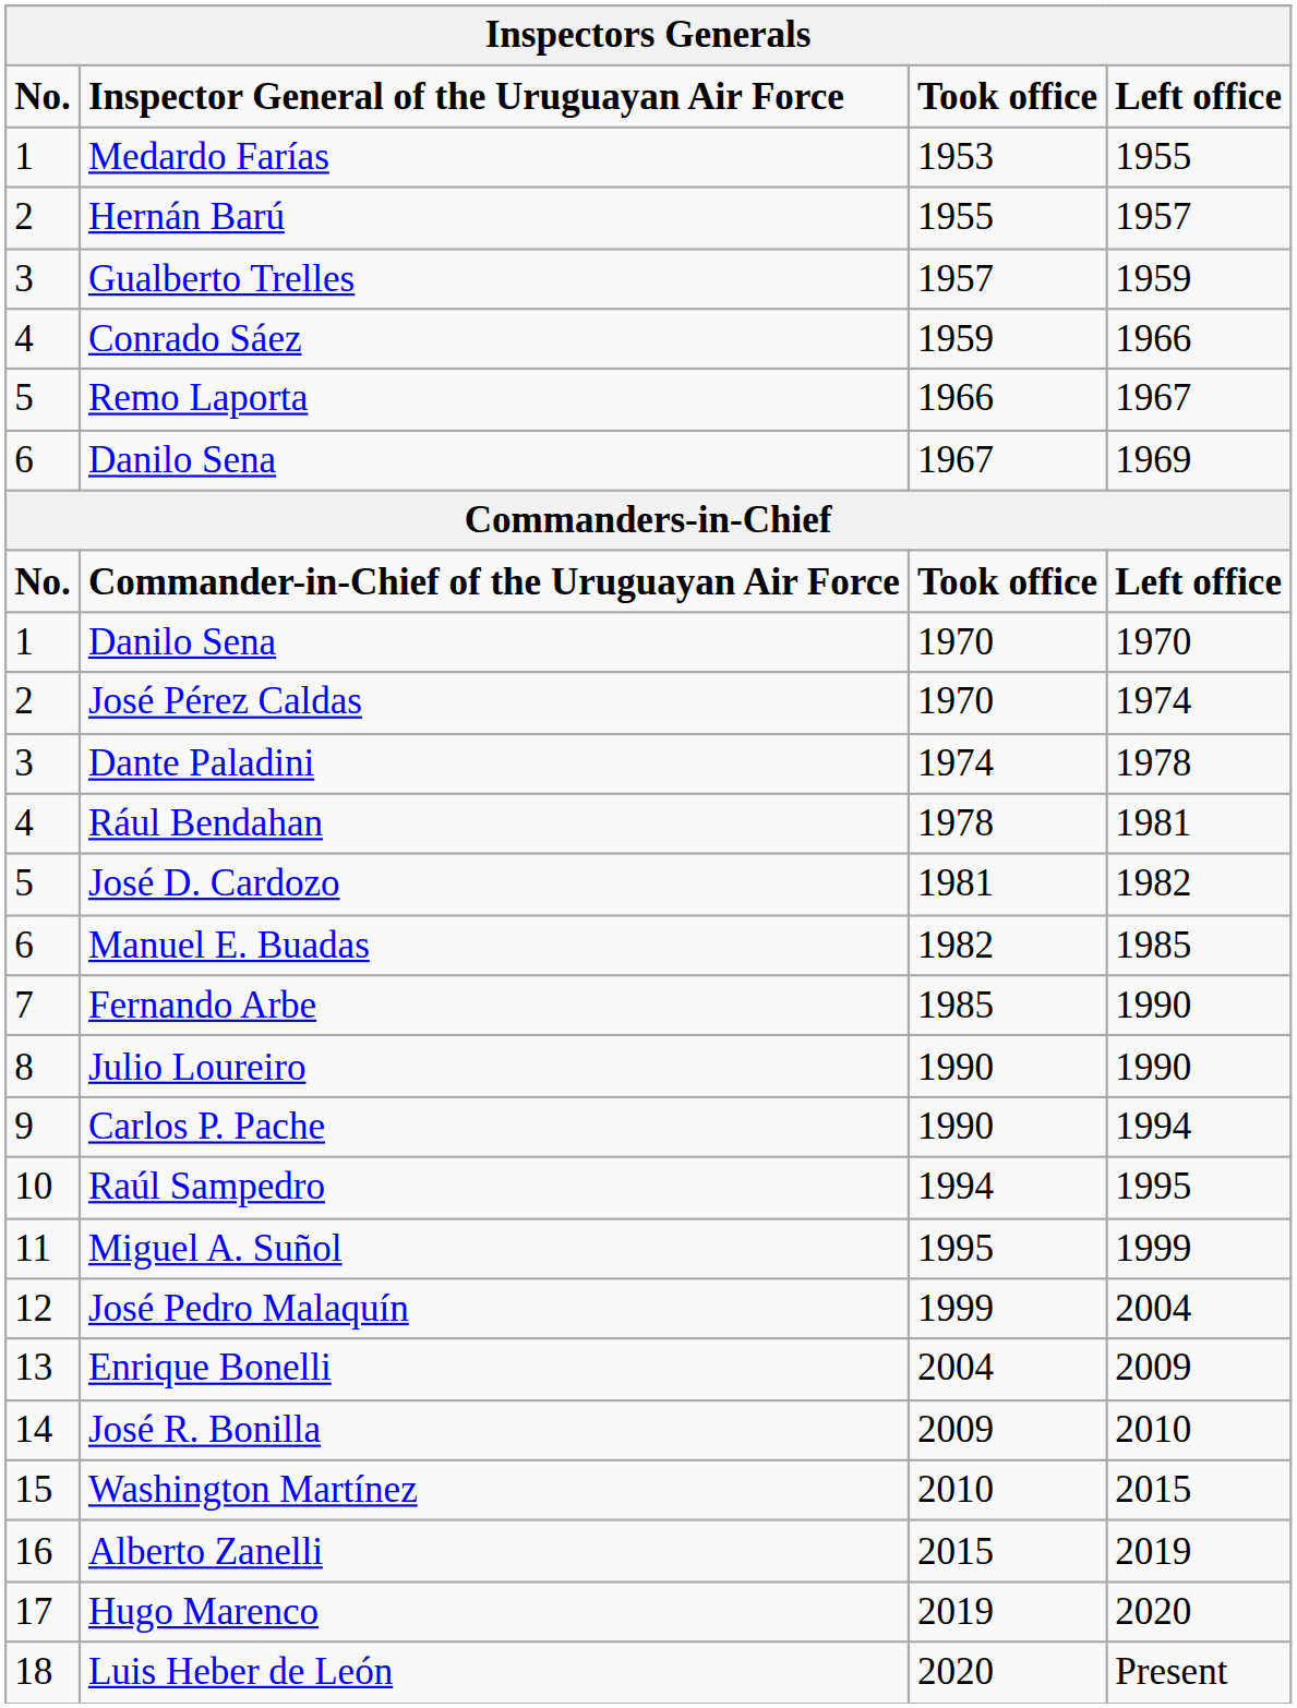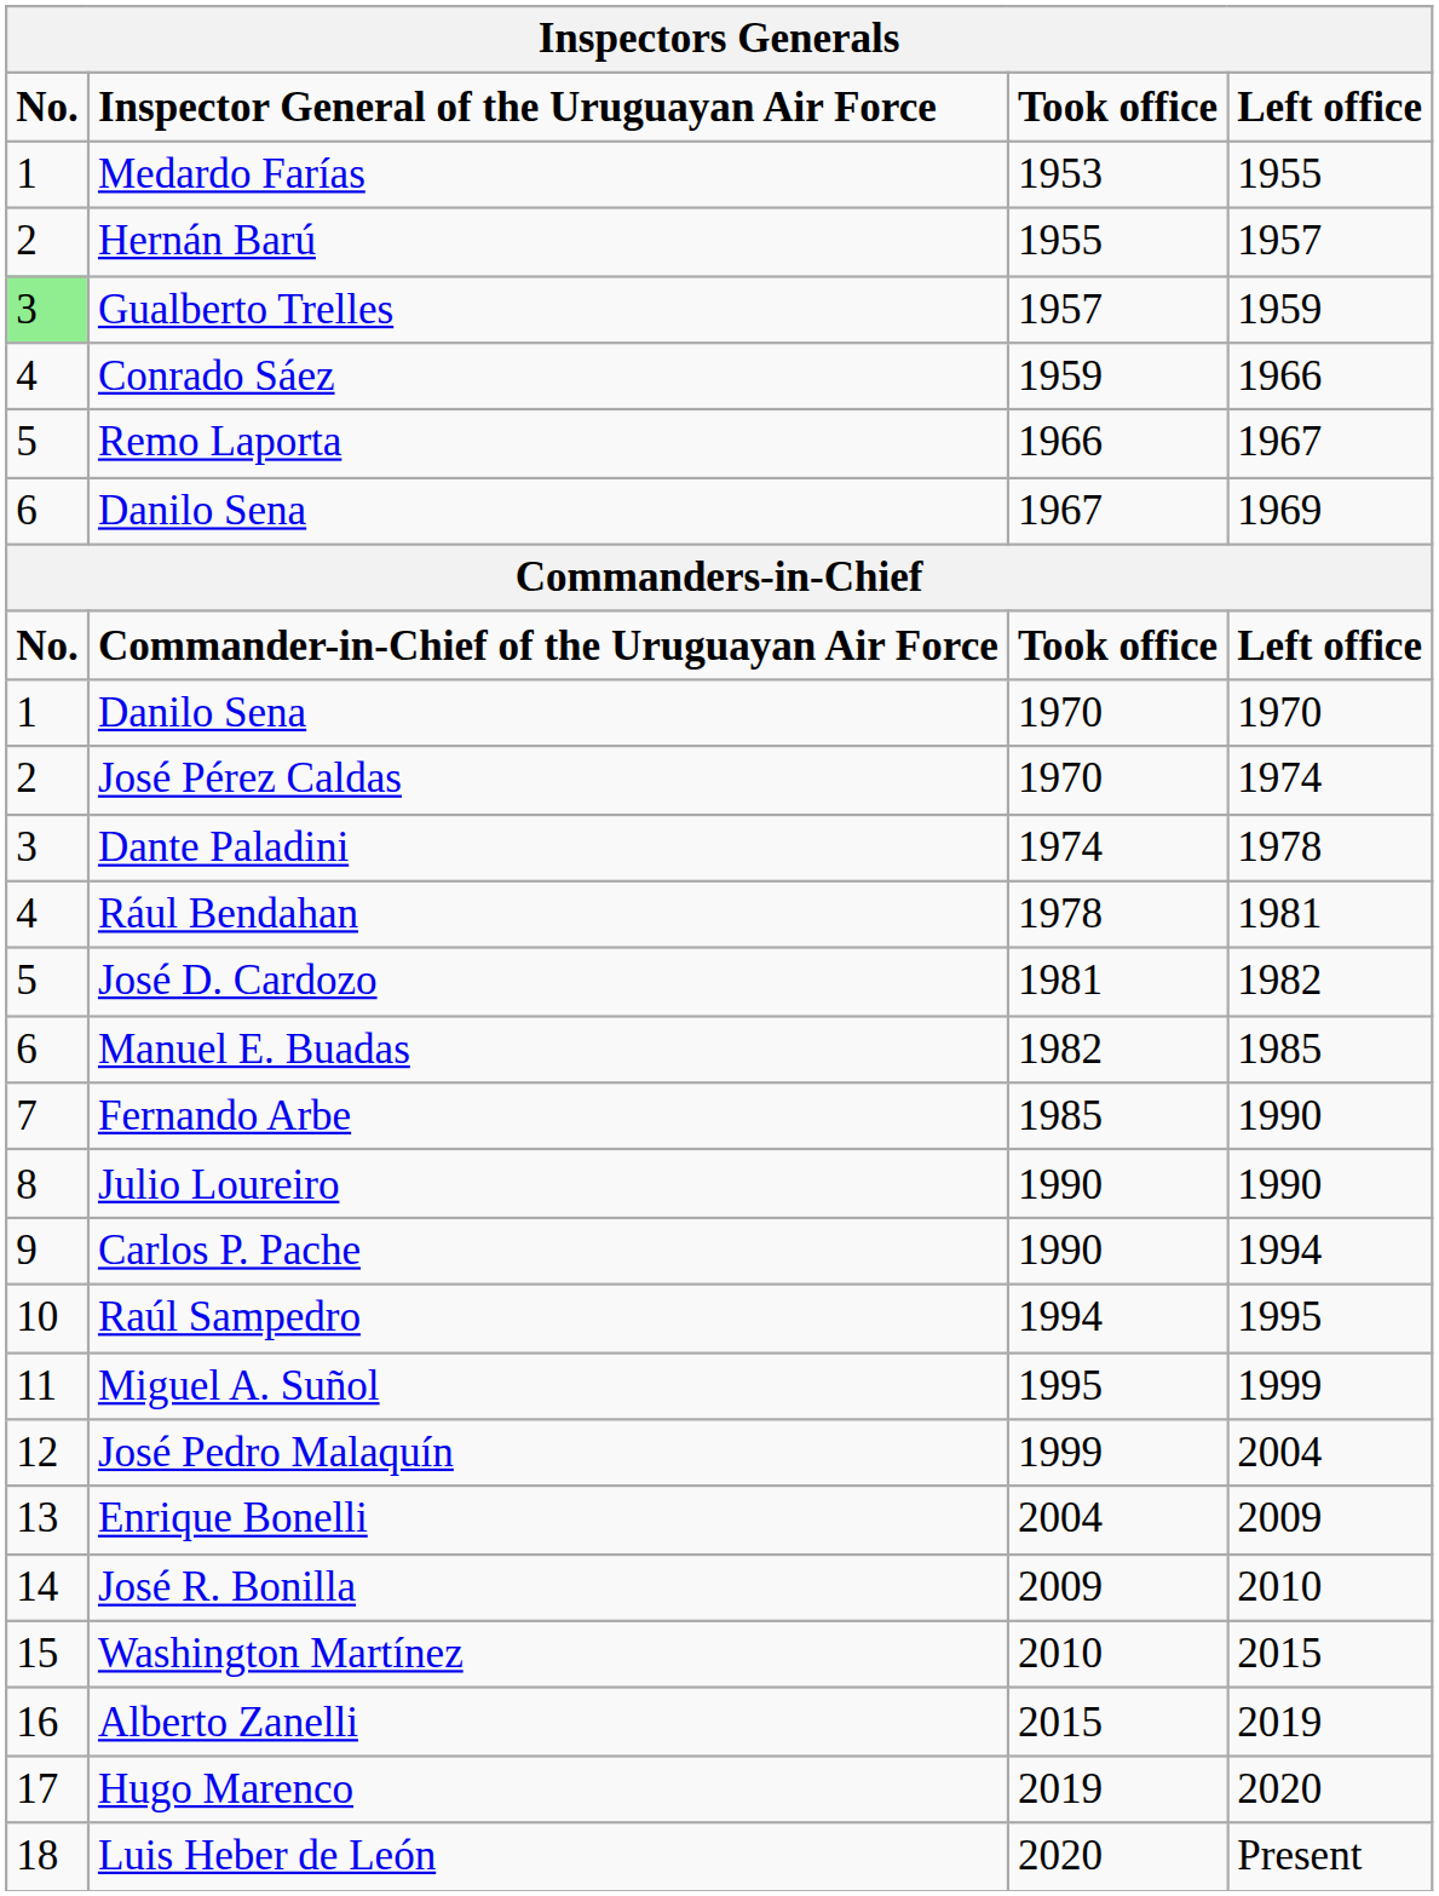 <table class="wikitable">
 <tr>
 <th colspan="4">Inspectors Generals</th>
 </tr>
 <tr>
 <td><strong>No.</strong></td>
 <td><strong>Inspector General of the Uruguayan Air Force</strong></td>
 <td><strong>Took office</strong></td>
 <td><strong>Left office</strong></td>
 </tr>
 <tr>
 <td>1</td>
 <td><a href='#'>Medardo Farías</a></td>
 <td>1953</td>
 <td>1955</td>
 </tr>
 <tr>
 <td>2</td>
 <td><a href='#'>Hernán Barú</a></td>
 <td>1955</td>
 <td>1957</td>
 </tr>
 <tr>
-<td>3</td>
+<td style="background: lightgreen;">3</td>
 <td><a href='#'>Gualberto Trelles</a></td>
 <td>1957</td>
 <td>1959</td>
 </tr>
 <tr>
 <td>4</td>
 <td><a href='#'>Conrado Sáez</a></td>
 <td>1959</td>
 <td>1966</td>
 </tr>
 <tr>
 <td>5</td>
 <td><a href='#'>Remo Laporta</a></td>
 <td>1966</td>
 <td>1967</td>
 </tr>
 <tr>
 <td>6</td>
 <td><a href='#'>Danilo Sena</a></td>
 <td>1967</td>
 <td>1969</td>
 </tr>
 <tr>
 <th colspan="4">Commanders-in-Chief</th>
 </tr>
 <tr>
 <td><strong>No.</strong></td>
 <td><strong>Commander-in-Chief of the Uruguayan Air Force</strong></td>
 <td><strong>Took office</strong></td>
 <td><strong>Left office</strong></td>
 </tr>
 <tr>
 <td>1</td>
 <td><a href='#'>Danilo Sena</a></td>
 <td>1970</td>
 <td>1970</td>
 </tr>
 <tr>
 <td>2</td>
 <td><a href='#'>José Pérez Caldas</a></td>
 <td>1970</td>
 <td>1974</td>
 </tr>
 <tr>
 <td>3</td>
 <td><a href='#'>Dante Paladini</a></td>
 <td>1974</td>
 <td>1978</td>
 </tr>
 <tr>
 <td>4</td>
 <td><a href='#'>Rául Bendahan</a></td>
 <td>1978</td>
 <td>1981</td>
 </tr>
 <tr>
 <td>5</td>
 <td><a href='#'>José D. Cardozo</a></td>
 <td>1981</td>
 <td>1982</td>
 </tr>
 <tr>
 <td>6</td>
 <td><a href='#'>Manuel E. Buadas</a></td>
 <td>1982</td>
 <td>1985</td>
 </tr>
 <tr>
 <td>7</td>
 <td><a href='#'>Fernando Arbe</a></td>
 <td>1985</td>
 <td>1990</td>
 </tr>
 <tr>
 <td>8</td>
 <td><a href='#'>Julio Loureiro</a></td>
 <td>1990</td>
 <td>1990</td>
 </tr>
 <tr>
 <td>9</td>
 <td><a href='#'>Carlos P. Pache</a></td>
 <td>1990</td>
 <td>1994</td>
 </tr>
 <tr>
 <td>10</td>
 <td><a href='#'>Raúl Sampedro</a></td>
 <td>1994</td>
 <td>1995</td>
 </tr>
 <tr>
 <td>11</td>
 <td><a href='#'>Miguel A. Suñol</a></td>
 <td>1995</td>
 <td>1999</td>
 </tr>
 <tr>
 <td>12</td>
 <td><a href='#'>José Pedro Malaquín</a></td>
 <td>1999</td>
 <td>2004</td>
 </tr>
 <tr>
 <td>13</td>
 <td><a href='#'>Enrique Bonelli</a></td>
 <td>2004</td>
 <td>2009</td>
 </tr>
 <tr>
 <td>14</td>
 <td><a href='#'>José R. Bonilla</a></td>
 <td>2009</td>
 <td>2010</td>
 </tr>
 <tr>
 <td>15</td>
 <td><a href='#'>Washington Martínez</a></td>
 <td>2010</td>
 <td>2015</td>
 </tr>
 <tr>
 <td>16</td>
 <td><a href='#'>Alberto Zanelli</a></td>
 <td>2015</td>
 <td>2019</td>
 </tr>
 <tr>
 <td>17</td>
 <td><a href='#'>Hugo Marenco</a></td>
 <td>2019</td>
 <td>2020</td>
 </tr>
 <tr>
 <td>18</td>
 <td><a href='#'>Luis Heber de León</a></td>
 <td>2020</td>
 <td>Present</td>
 </tr>
 </table>
